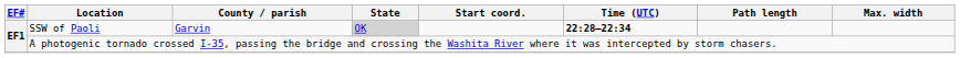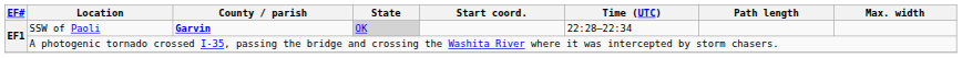 <table class="wikitable sortable" style="width:100%;">
 <tr>
 <th scope="col" width="2%" align="center"><a href='#'>EF#</a></th>
 <th scope="col" align="center" class="unsortable">Location</th>
 <th scope="col" align="center" class="unsortable">County / parish</th>
 <th scope="col" align="center">State</th>
 <th scope="col" align="center">Start coord.</th>
 <th scope="col" align="center">Time (<a href='#'>UTC</a>)</th>
 <th scope="col" align="center">Path length</th>
 <th scope="col" align="center">Max. width</th>
 </tr>
 <tr>
 <th scope="row" rowspan="2" style="background-color:#">EF1</th>
 <td>SSW of <a href='#'>Paoli</a></td>
-<td><a href='#'>Garvin</a></td>
+<td><strong><a href='#'>Garvin</a></strong></td>
 <td style="background: lightgrey;"><a href='#'>OK</a></td>
 <td></td>
-<td><strong>22:28–22:34</strong></td>
+<td>22:28–22:34</td>
 <td></td>
 <td></td>
 </tr>
 <tr class="expand-child">
 <td colspan="8" border-bottom: 1px solid black;>A photogenic tornado crossed <a href='#'>I-35</a>, passing the bridge and crossing the <a href='#'>Washita River</a> where it was intercepted by storm chasers.</td>
 </tr>
 <tr>
 </tr>
 </table>
